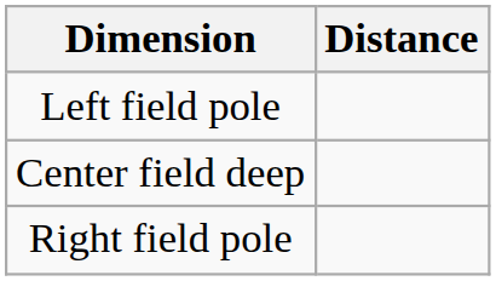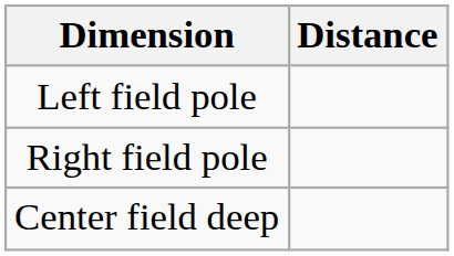 <table class="wikitable" style="text-align:center;">
 <tr>
 <th>Dimension</th>
 <th>Distance</th>
 </tr>
 <tr>
 <td>Left field pole</td>
 <td></td>
 </tr>
 <tr>
+<td>Right field pole</td>
+<td></td>
+</tr>
+<tr>
 <td>Center field deep</td>
 <td></td>
 </tr>
-<tr>
-<td>Right field pole</td>
-<td></td>
-</tr>
 </table>
